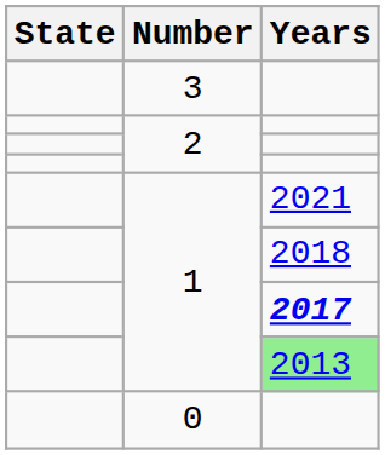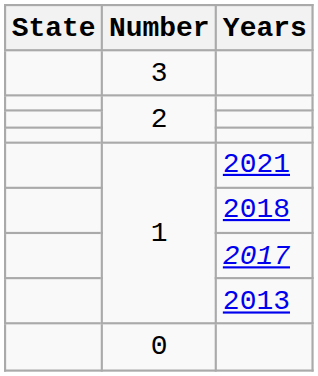 <table class="wikitable sortable">
 <tr>
 <th>State</th>
 <th>Number</th>
 <th>Years</th>
 </tr>
 <tr>
 <td><strong></strong></td>
 <td style="text-align:center;">3</td>
 <td></td>
 </tr>
 <tr>
 <td><strong></strong></td>
 <td rowspan="3" style="text-align:center;">2</td>
 <td></td>
 </tr>
 <tr>
 <td><strong></strong></td>
 <td></td>
 </tr>
 <tr>
 <td><strong></strong></td>
 <td></td>
 </tr>
 <tr>
 <td><strong></strong></td>
 <td rowspan="4" style="text-align:center;">1</td>
 <td><a href='#'>2021</a></td>
 </tr>
 <tr>
 <td><strong></strong></td>
 <td><a href='#'>2018</a></td>
 </tr>
 <tr>
 <td><strong></strong></td>
-<td><strong><a href='#'><em>2017</em></a></strong></td>
+<td><a href='#'><em>2017</em></a></td>
 </tr>
 <tr>
 <td><strong></strong></td>
-<td style="background: lightgreen;"><a href='#'>2013</a></td>
+<td><a href='#'>2013</a></td>
 </tr>
 <tr>
 <td><strong></strong></td>
 <td style="text-align:center;">0</td>
 <td></td>
 </tr>
 </table>
